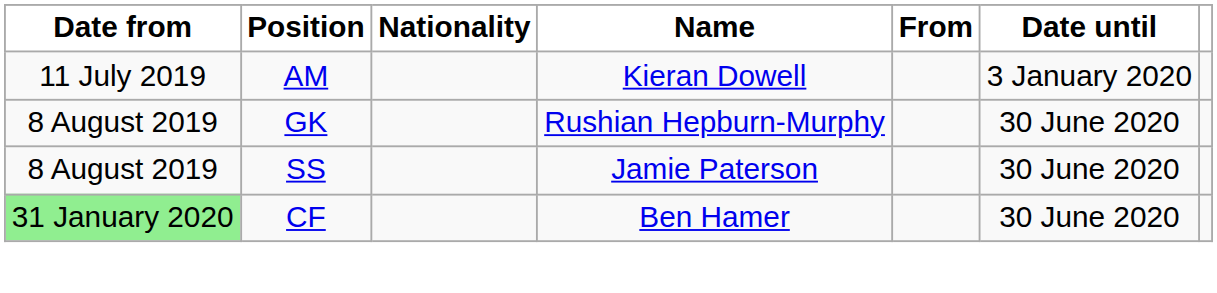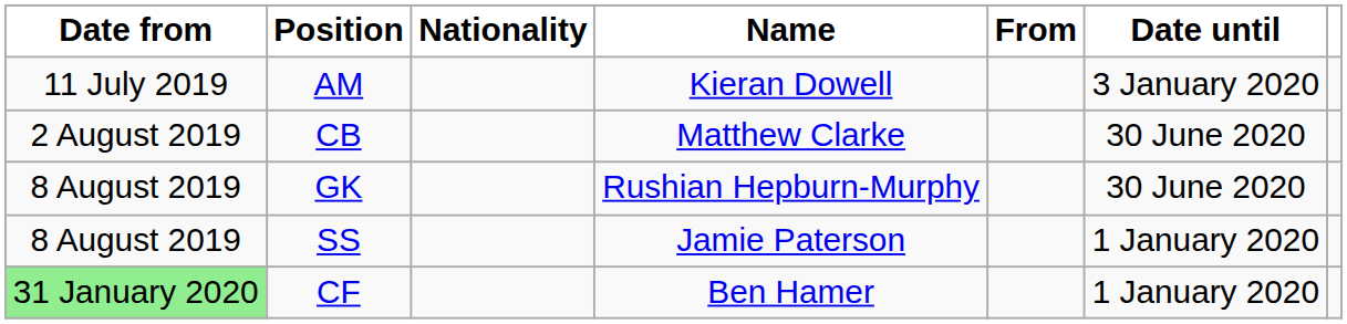 <table class="wikitable" style="text-align:center;">
 <tr>
 <th style="color:#000000; background:#ffffff; ">Date from</th>
 <th style="color:#000000; background:#ffffff; ">Position</th>
 <th style="color:#000000; background:#ffffff; ">Nationality</th>
 <th style="color:#000000; background:#ffffff; ">Name</th>
 <th style="color:#000000; background:#ffffff; ">From</th>
 <th style="color:#000000; background:#ffffff; ">Date until</th>
 <th style="color:#000000; background:#ffffff; "></th>
 </tr>
 <tr>
 <td>11 July 2019</td>
 <td><a href='#'>AM</a></td>
 <td></td>
 <td><a href='#'>Kieran Dowell</a></td>
 <td></td>
 <td>3 January 2020</td>
 <td></td>
 </tr>
 <tr>
+<td>2 August 2019</td>
+<td><a href='#'>CB</a></td>
+<td></td>
+<td><a href='#'>Matthew Clarke</a></td>
+<td></td>
+<td>30 June 2020</td>
+<td></td>
+</tr>
+<tr>
 <td>8 August 2019</td>
 <td><a href='#'>GK</a></td>
 <td></td>
 <td><a href='#'>Rushian Hepburn-Murphy</a></td>
 <td></td>
 <td>30 June 2020</td>
 <td></td>
 </tr>
 <tr>
 <td>8 August 2019</td>
 <td><a href='#'>SS</a></td>
 <td></td>
 <td><a href='#'>Jamie Paterson</a></td>
 <td></td>
-<td>30 June 2020</td>
+<td>1 January 2020</td>
 <td></td>
 </tr>
 <tr>
 <td style="background: lightgreen;">31 January 2020</td>
 <td><a href='#'>CF</a></td>
 <td></td>
 <td><a href='#'>Ben Hamer</a></td>
 <td></td>
-<td>30 June 2020</td>
+<td>1 January 2020</td>
 <td></td>
 </tr>
 </table>
